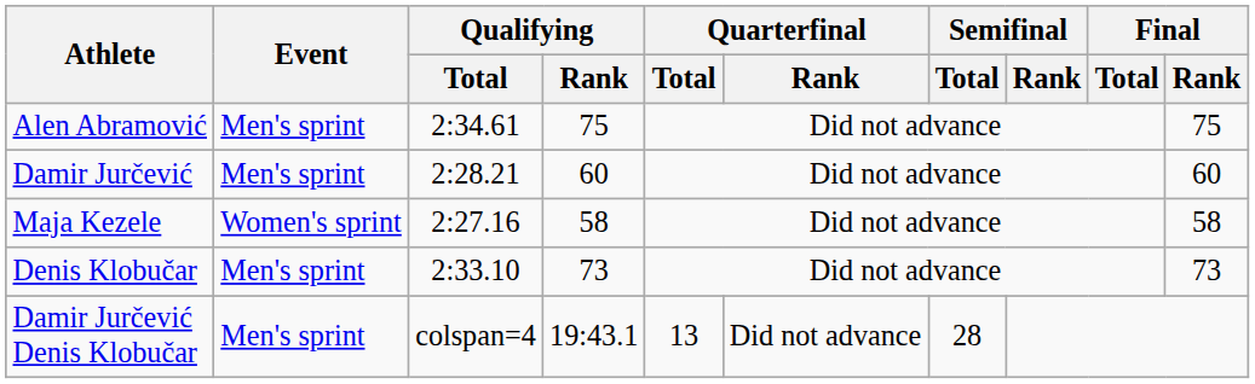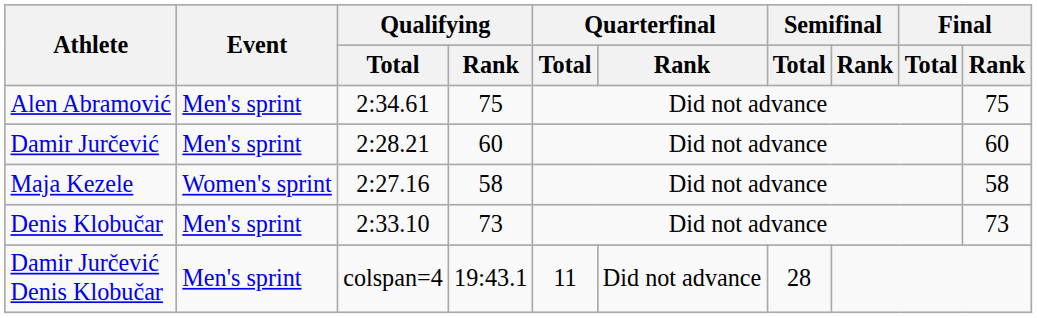 <table class="wikitable" style="font-size:90%">
 <tr>
 <th rowspan="2">Athlete</th>
 <th rowspan="2">Event</th>
 <th colspan="2">Qualifying</th>
 <th colspan="2">Quarterfinal</th>
 <th colspan="2">Semifinal</th>
 <th colspan="2">Final</th>
 </tr>
 <tr>
 <th>Total</th>
 <th>Rank</th>
 <th>Total</th>
 <th>Rank</th>
 <th>Total</th>
 <th>Rank</th>
 <th>Total</th>
 <th>Rank</th>
 </tr>
 <tr>
 <td><a href='#'>Alen Abramović</a></td>
 <td><a href='#'>Men's sprint</a></td>
 <td align="center">2:34.61</td>
 <td align="center">75</td>
 <td colspan=5 align="center">Did not advance</td>
 <td align="center">75</td>
 </tr>
 <tr>
 <td><a href='#'>Damir Jurčević</a></td>
 <td><a href='#'>Men's sprint</a></td>
 <td align="center">2:28.21</td>
 <td align="center">60</td>
 <td colspan=5 align="center">Did not advance</td>
 <td align="center">60</td>
 </tr>
 <tr>
 <td><a href='#'>Maja Kezele</a></td>
 <td><a href='#'>Women's sprint</a></td>
 <td align="center">2:27.16</td>
 <td align="center">58</td>
 <td colspan=5 align="center">Did not advance</td>
 <td align="center">58</td>
 </tr>
 <tr>
 <td><a href='#'>Denis Klobučar</a></td>
 <td><a href='#'>Men's sprint</a></td>
 <td align="center">2:33.10</td>
 <td align="center">73</td>
 <td colspan=5 align="center">Did not advance</td>
 <td align="center">73</td>
 </tr>
 <tr>
 <td><a href='#'>Damir Jurčević</a><br><a href='#'>Denis Klobučar</a></td>
 <td><a href='#'>Men's sprint</a></td>
 <td>colspan=4 </td>
 <td align="center">19:43.1</td>
-<td align="center">13</td>
+<td align="center">11</td>
 <td align="center">Did not advance</td>
 <td align="center">28</td>
 </tr>
 </table>
